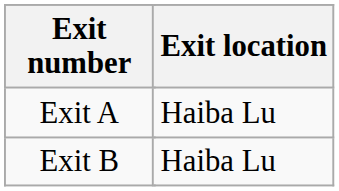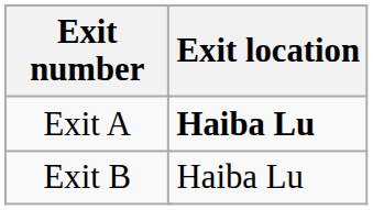 <table class="wikitable">
 <tr>
 <th style="width:70px" colspan="2">Exit number</th>
 <th>Exit location</th>
 </tr>
 <tr>
 <td align="center" colspan="2">Exit A</td>
-<td>Haiba Lu</td>
+<td><strong>Haiba Lu</strong></td>
 </tr>
 <tr>
 <td align="center" colspan="2">Exit B</td>
 <td>Haiba Lu</td>
 </tr>
 </table>
